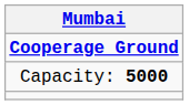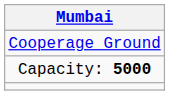 <table class="wikitable" style="text-align:center">
 <tr>
 <th><a href='#'>Mumbai</a></th>
 </tr>
 <tr>
-<td><strong><a href='#'>Cooperage Ground</a></strong></td>
+<td><a href='#'>Cooperage Ground</a></td>
 </tr>
 <tr>
 <td>Capacity: <strong>5000</strong></td>
 </tr>
 <tr>
 <td></td>
 </tr>
 </table>
